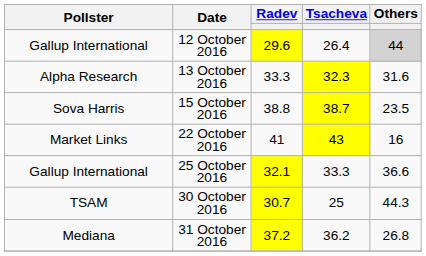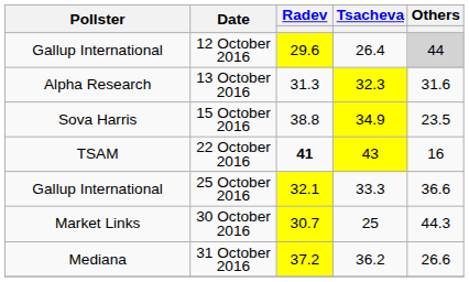 <table class="wikitable" style="text-align:center;font-size:95%;line-height:14px;">
 <tr>
 <th rowspan=2 width=180px>Pollster</th>
 <th rowspan=2 width=80px>Date</th>
 <th width=50px><a href='#'>Radev</a></th>
 <th width=50px><a href='#'>Tsacheva</a></th>
 <th width=50px>Others</th>
 </tr>
 <tr>
 <th style="color:inherit;background:"></th>
 <th style="color:inherit;background:"></th>
 <th style="color:inherit;background:;"></th>
 </tr>
 <tr>
 <td>Gallup International</td>
 <td>12 October 2016</td>
 <td bgcolor=#FFFF00>29.6</td>
 <td>26.4</td>
 <td style="background: lightgrey;">44</td>
 </tr>
 <tr>
 <td>Alpha Research</td>
 <td>13 October 2016</td>
-<td>33.3</td>
+<td>31.3</td>
 <td bgcolor=#FFFF00>32.3</td>
 <td>31.6</td>
 </tr>
 <tr>
 <td>Sova Harris</td>
 <td>15 October 2016</td>
 <td>38.8</td>
-<td bgcolor=#FFFF00>38.7</td>
+<td bgcolor=#FFFF00>34.9</td>
 <td>23.5</td>
 </tr>
 <tr>
-<td>Market Links</td>
+<td>TSAM</td>
 <td>22 October 2016</td>
-<td>41</td>
+<td><strong>41</strong></td>
 <td bgcolor=#FFFF00>43</td>
 <td>16</td>
 </tr>
 <tr>
 <td>Gallup International</td>
 <td>25 October 2016</td>
 <td bgcolor=#FFFF00>32.1</td>
 <td>33.3</td>
 <td>36.6</td>
 </tr>
 <tr>
-<td>TSAM</td>
+<td>Market Links</td>
 <td>30 October 2016</td>
 <td bgcolor=#FFFF00>30.7</td>
 <td>25</td>
 <td>44.3</td>
 </tr>
 <tr>
 <td>Mediana</td>
 <td>31 October 2016</td>
 <td bgcolor=#FFFF00>37.2</td>
 <td>36.2</td>
-<td>26.8</td>
+<td>26.6</td>
 </tr>
 <tr>
 </tr>
 </table>
